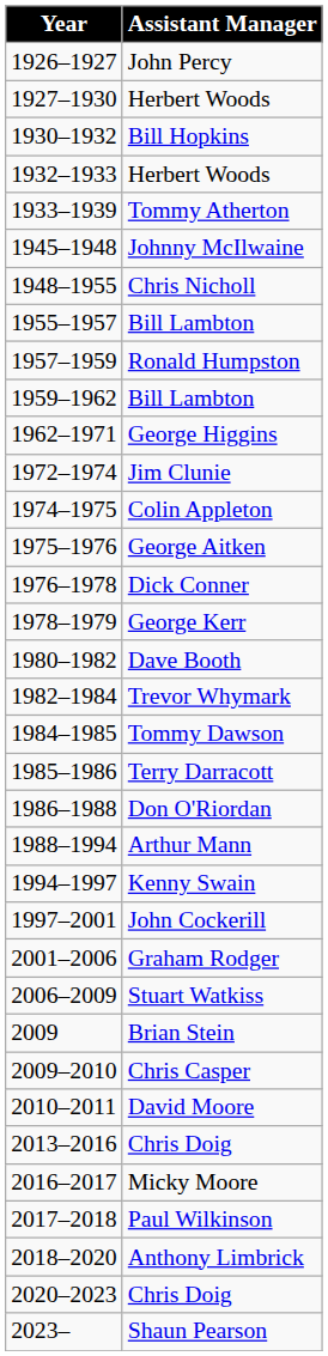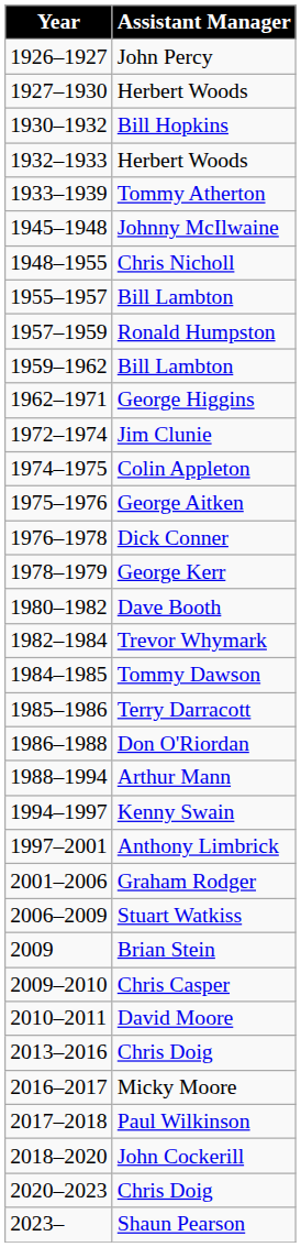 <table class="wikitable">
 <tr>
 <th style="background:#000000; color:#FFFFFF;">Year</th>
 <th style="background:#000000; color:#FFFFFF;">Assistant Manager</th>
 </tr>
 <tr>
 <td>1926–1927</td>
 <td> John Percy</td>
 </tr>
 <tr>
 <td>1927–1930</td>
 <td> Herbert Woods</td>
 </tr>
 <tr>
 <td>1930–1932</td>
 <td> <a href='#'>Bill Hopkins</a></td>
 </tr>
 <tr>
 <td>1932–1933</td>
 <td> Herbert Woods</td>
 </tr>
 <tr>
 <td>1933–1939</td>
 <td> <a href='#'>Tommy Atherton</a></td>
 </tr>
 <tr>
 <td>1945–1948</td>
 <td> <a href='#'>Johnny McIlwaine</a></td>
 </tr>
 <tr>
 <td>1948–1955</td>
 <td> <a href='#'>Chris Nicholl</a></td>
 </tr>
 <tr>
 <td>1955–1957</td>
 <td> <a href='#'>Bill Lambton</a></td>
 </tr>
 <tr>
 <td>1957–1959</td>
 <td> <a href='#'>Ronald Humpston</a></td>
 </tr>
 <tr>
 <td>1959–1962</td>
 <td> <a href='#'>Bill Lambton</a></td>
 </tr>
 <tr>
 <td>1962–1971</td>
 <td> <a href='#'>George Higgins</a></td>
 </tr>
 <tr>
 <td>1972–1974</td>
 <td> <a href='#'>Jim Clunie</a></td>
 </tr>
 <tr>
 <td>1974–1975</td>
 <td> <a href='#'>Colin Appleton</a></td>
 </tr>
 <tr>
 <td>1975–1976</td>
 <td> <a href='#'>George Aitken</a></td>
 </tr>
 <tr>
 <td>1976–1978</td>
 <td> <a href='#'>Dick Conner</a></td>
 </tr>
 <tr>
 <td>1978–1979</td>
 <td> <a href='#'>George Kerr</a></td>
 </tr>
 <tr>
 <td>1980–1982</td>
 <td> <a href='#'>Dave Booth</a></td>
 </tr>
 <tr>
 <td>1982–1984</td>
 <td> <a href='#'>Trevor Whymark</a></td>
 </tr>
 <tr>
 <td>1984–1985</td>
 <td> <a href='#'>Tommy Dawson</a></td>
 </tr>
 <tr>
 <td>1985–1986</td>
 <td> <a href='#'>Terry Darracott</a></td>
 </tr>
 <tr>
 <td>1986–1988</td>
 <td> <a href='#'>Don O'Riordan</a></td>
 </tr>
 <tr>
 <td>1988–1994</td>
 <td> <a href='#'>Arthur Mann</a></td>
 </tr>
 <tr>
 <td>1994–1997</td>
 <td> <a href='#'>Kenny Swain</a></td>
 </tr>
 <tr>
 <td>1997–2001</td>
-<td> <a href='#'>John Cockerill</a></td>
+<td> <a href='#'>Anthony Limbrick</a></td>
 </tr>
 <tr>
 <td>2001–2006</td>
 <td> <a href='#'>Graham Rodger</a></td>
 </tr>
 <tr>
 <td>2006–2009</td>
 <td> <a href='#'>Stuart Watkiss</a></td>
 </tr>
 <tr>
 <td>2009</td>
 <td> <a href='#'>Brian Stein</a></td>
 </tr>
 <tr>
 <td>2009–2010</td>
 <td> <a href='#'>Chris Casper</a></td>
 </tr>
 <tr>
 <td>2010–2011</td>
 <td> <a href='#'>David Moore</a></td>
 </tr>
 <tr>
 <td>2013–2016</td>
 <td> <a href='#'>Chris Doig</a></td>
 </tr>
 <tr>
 <td>2016–2017</td>
 <td> Micky Moore</td>
 </tr>
 <tr>
 <td>2017–2018</td>
 <td> <a href='#'>Paul Wilkinson</a></td>
 </tr>
 <tr>
 <td>2018–2020</td>
-<td> <a href='#'>Anthony Limbrick</a></td>
+<td> <a href='#'>John Cockerill</a></td>
 </tr>
 <tr>
 <td>2020–2023</td>
 <td> <a href='#'>Chris Doig</a></td>
 </tr>
 <tr>
 <td>2023–</td>
 <td> <a href='#'>Shaun Pearson</a></td>
 </tr>
 </table>
